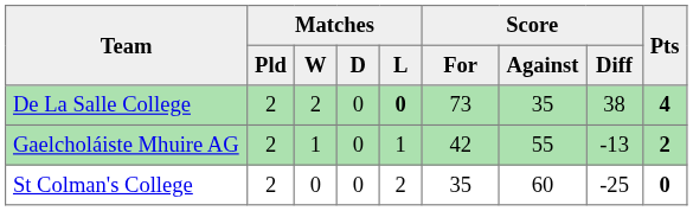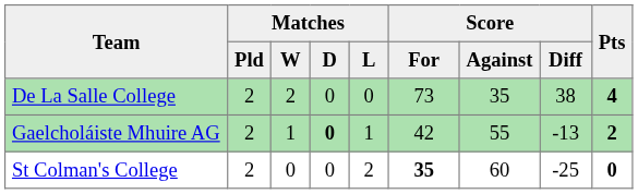 <table style=border-collapse:collapse border=1 cellspacing=0 cellpadding=5>
 <tr align=center bgcolor=#efefef>
 <th rowspan=2 width=165>Team</th>
 <th colspan=4>Matches</th>
 <th colspan=3>Score</th>
 <th rowspan=2width=20>Pts</th>
 </tr>
 <tr align=center bgcolor=#efefef>
 <th width=20>Pld</th>
 <th width=20>W</th>
 <th width=20>D</th>
 <th width=20>L</th>
 <th width=45>For</th>
 <th width=45>Against</th>
 <th width=30>Diff</th>
 </tr>
 <tr align=center style="background:#ACE1AF;">
 <td style="text-align:left;"><a href='#'>De La Salle College</a></td>
 <td>2</td>
 <td>2</td>
 <td>0</td>
-<td><strong>0</strong></td>
+<td>0</td>
 <td>73</td>
 <td>35</td>
 <td>38</td>
 <td><strong>4</strong></td>
 </tr>
 <tr align=center style="background:#ACE1AF;">
 <td style="text-align:left;"><a href='#'>Gaelcholáiste Mhuire AG</a></td>
 <td>2</td>
 <td>1</td>
-<td>0</td>
+<td><strong>0</strong></td>
 <td>1</td>
 <td>42</td>
 <td>55</td>
 <td>-13</td>
 <td><strong>2</strong></td>
 </tr>
 <tr align=center>
 <td style="text-align:left;"><a href='#'>St Colman's College</a></td>
 <td>2</td>
 <td>0</td>
 <td>0</td>
 <td>2</td>
-<td>35</td>
+<td><strong>35</strong></td>
 <td>60</td>
 <td>-25</td>
 <td><strong>0</strong></td>
 </tr>
 </table>
